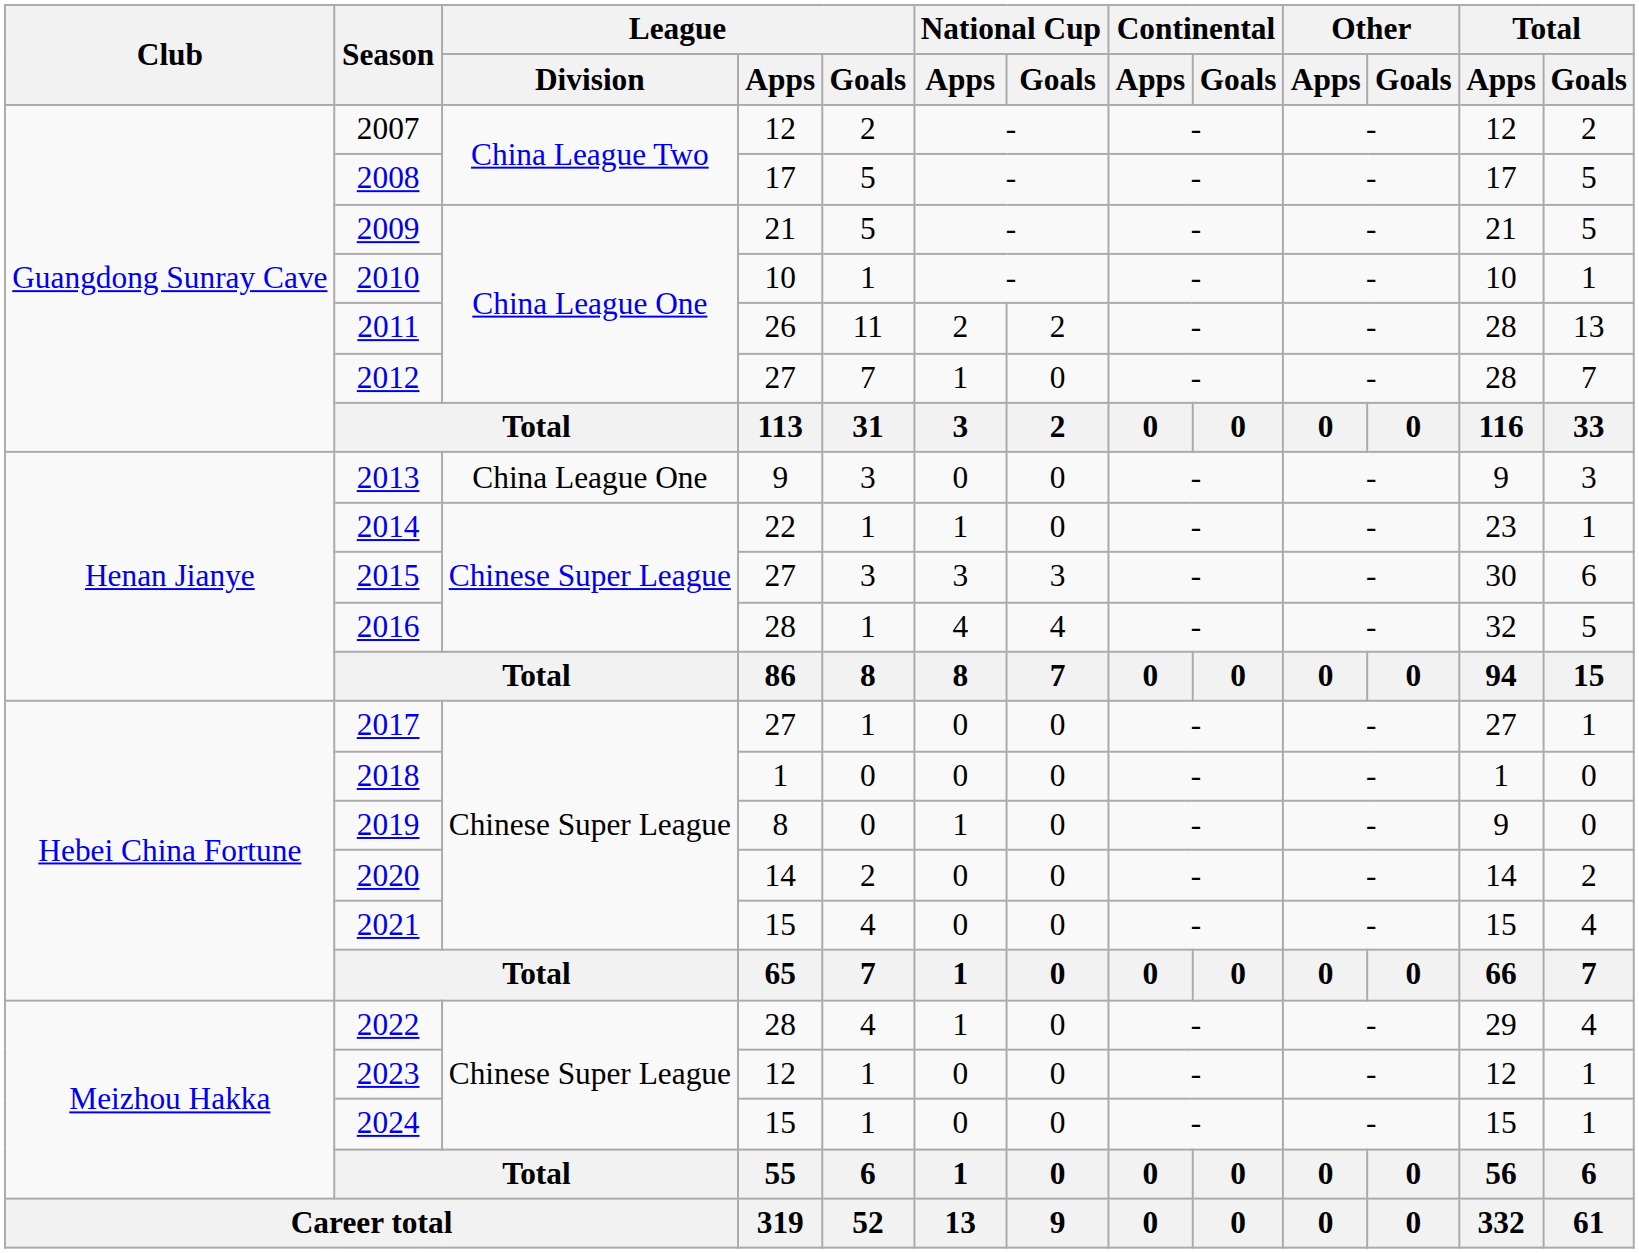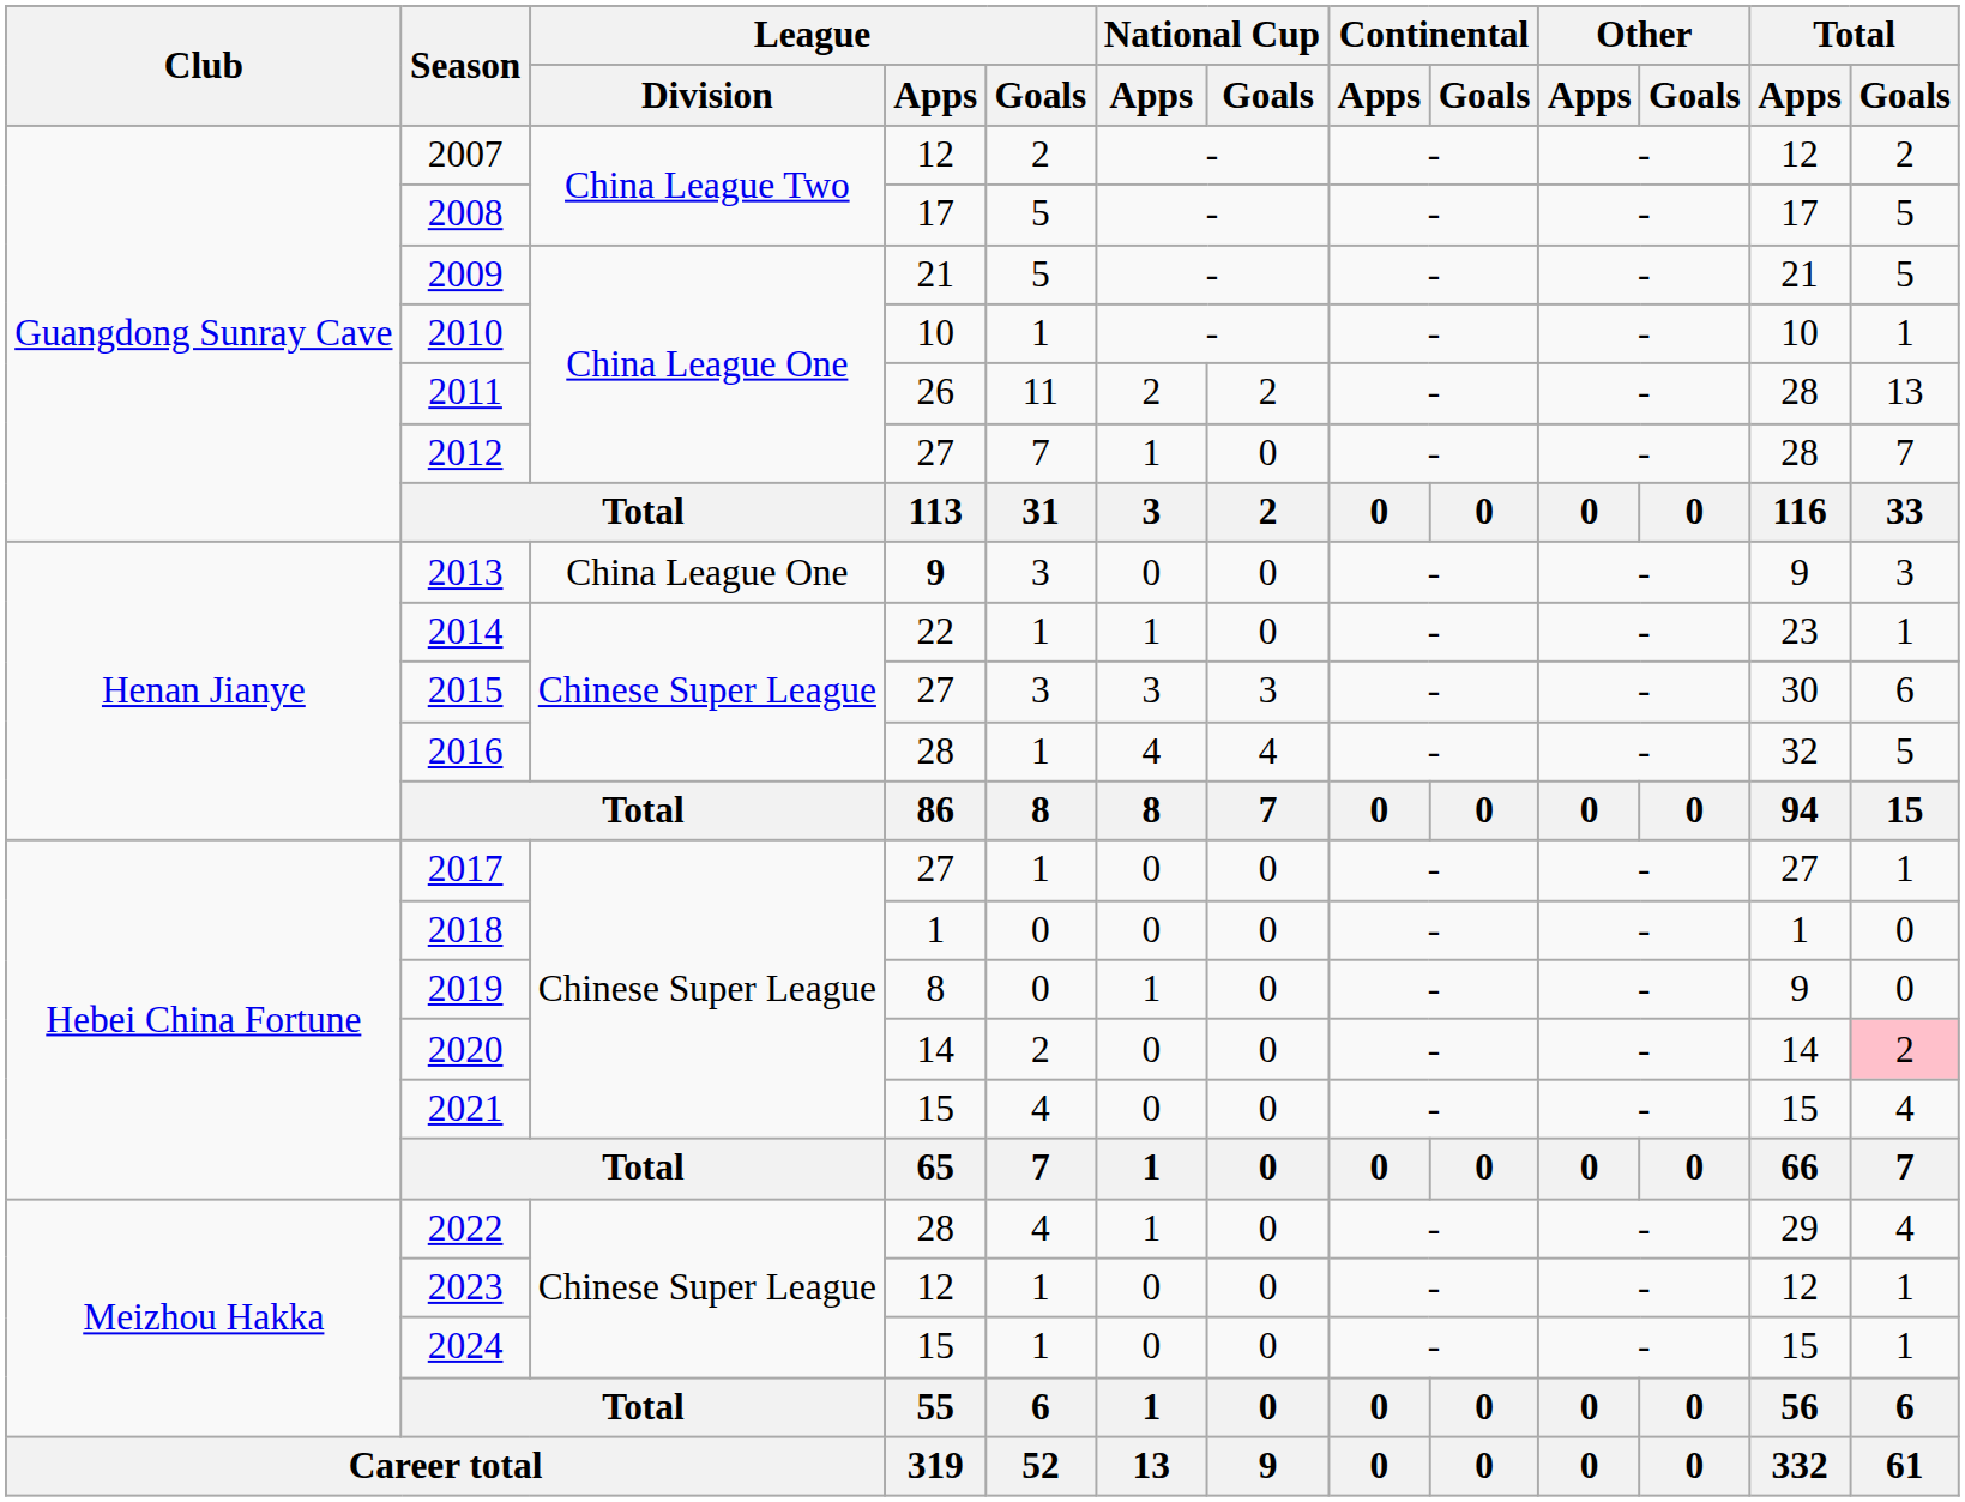 <table class="wikitable" style="text-align: center">
 <tr>
 <th rowspan="2">Club</th>
 <th rowspan="2">Season</th>
 <th colspan="3">League</th>
 <th colspan="2">National Cup</th>
 <th colspan="2">Continental</th>
 <th colspan="2">Other</th>
 <th colspan="2">Total</th>
 </tr>
 <tr>
 <th>Division</th>
 <th>Apps</th>
 <th>Goals</th>
 <th>Apps</th>
 <th>Goals</th>
 <th>Apps</th>
 <th>Goals</th>
 <th>Apps</th>
 <th>Goals</th>
 <th>Apps</th>
 <th>Goals</th>
 </tr>
 <tr>
 <td rowspan="7"><a href='#'>Guangdong Sunray Cave</a></td>
 <td>2007</td>
 <td rowspan="2"><a href='#'>China League Two</a></td>
 <td>12</td>
 <td>2</td>
 <td colspan="2">-</td>
 <td colspan="2">-</td>
 <td colspan="2">-</td>
 <td>12</td>
 <td>2</td>
 </tr>
 <tr>
 <td><a href='#'>2008</a></td>
 <td>17</td>
 <td>5</td>
 <td colspan="2">-</td>
 <td colspan="2">-</td>
 <td colspan="2">-</td>
 <td>17</td>
 <td>5</td>
 </tr>
 <tr>
 <td><a href='#'>2009</a></td>
 <td rowspan="4"><a href='#'>China League One</a></td>
 <td>21</td>
 <td>5</td>
 <td colspan="2">-</td>
 <td colspan="2">-</td>
 <td colspan="2">-</td>
 <td>21</td>
 <td>5</td>
 </tr>
 <tr>
 <td><a href='#'>2010</a></td>
 <td>10</td>
 <td>1</td>
 <td colspan="2">-</td>
 <td colspan="2">-</td>
 <td colspan="2">-</td>
 <td>10</td>
 <td>1</td>
 </tr>
 <tr>
 <td><a href='#'>2011</a></td>
 <td>26</td>
 <td>11</td>
 <td>2</td>
 <td>2</td>
 <td colspan="2">-</td>
 <td colspan="2">-</td>
 <td>28</td>
 <td>13</td>
 </tr>
 <tr>
 <td><a href='#'>2012</a></td>
 <td>27</td>
 <td>7</td>
 <td>1</td>
 <td>0</td>
 <td colspan="2">-</td>
 <td colspan="2">-</td>
 <td>28</td>
 <td>7</td>
 </tr>
 <tr>
 <th colspan="2"><strong>Total</strong></th>
 <th>113</th>
 <th>31</th>
 <th>3</th>
 <th>2</th>
 <th>0</th>
 <th>0</th>
 <th>0</th>
 <th>0</th>
 <th>116</th>
 <th>33</th>
 </tr>
 <tr>
 <td rowspan="5"><a href='#'>Henan Jianye</a></td>
 <td><a href='#'>2013</a></td>
 <td>China League One</td>
-<td>9</td>
+<td><strong>9</strong></td>
 <td>3</td>
 <td>0</td>
 <td>0</td>
 <td colspan="2">-</td>
 <td colspan="2">-</td>
 <td>9</td>
 <td>3</td>
 </tr>
 <tr>
 <td><a href='#'>2014</a></td>
 <td rowspan="3"><a href='#'>Chinese Super League</a></td>
 <td>22</td>
 <td>1</td>
 <td>1</td>
 <td>0</td>
 <td colspan="2">-</td>
 <td colspan="2">-</td>
 <td>23</td>
 <td>1</td>
 </tr>
 <tr>
 <td><a href='#'>2015</a></td>
 <td>27</td>
 <td>3</td>
 <td>3</td>
 <td>3</td>
 <td colspan="2">-</td>
 <td colspan="2">-</td>
 <td>30</td>
 <td>6</td>
 </tr>
 <tr>
 <td><a href='#'>2016</a></td>
 <td>28</td>
 <td>1</td>
 <td>4</td>
 <td>4</td>
 <td colspan="2">-</td>
 <td colspan="2">-</td>
 <td>32</td>
 <td>5</td>
 </tr>
 <tr>
 <th colspan="2"><strong>Total</strong></th>
 <th>86</th>
 <th>8</th>
 <th>8</th>
 <th>7</th>
 <th>0</th>
 <th>0</th>
 <th>0</th>
 <th>0</th>
 <th>94</th>
 <th>15</th>
 </tr>
 <tr>
 <td rowspan="6"><a href='#'>Hebei China Fortune</a></td>
 <td><a href='#'>2017</a></td>
 <td rowspan="5">Chinese Super League</td>
 <td>27</td>
 <td>1</td>
 <td>0</td>
 <td>0</td>
 <td colspan="2">-</td>
 <td colspan="2">-</td>
 <td>27</td>
 <td>1</td>
 </tr>
 <tr>
 <td><a href='#'>2018</a></td>
 <td>1</td>
 <td>0</td>
 <td>0</td>
 <td>0</td>
 <td colspan="2">-</td>
 <td colspan="2">-</td>
 <td>1</td>
 <td>0</td>
 </tr>
 <tr>
 <td><a href='#'>2019</a></td>
 <td>8</td>
 <td>0</td>
 <td>1</td>
 <td>0</td>
 <td colspan="2">-</td>
 <td colspan="2">-</td>
 <td>9</td>
 <td>0</td>
 </tr>
 <tr>
 <td><a href='#'>2020</a></td>
 <td>14</td>
 <td>2</td>
 <td>0</td>
 <td>0</td>
 <td colspan="2">-</td>
 <td colspan="2">-</td>
 <td>14</td>
-<td>2</td>
+<td style="background: pink;">2</td>
 </tr>
 <tr>
 <td><a href='#'>2021</a></td>
 <td>15</td>
 <td>4</td>
 <td>0</td>
 <td>0</td>
 <td colspan="2">-</td>
 <td colspan="2">-</td>
 <td>15</td>
 <td>4</td>
 </tr>
 <tr>
 <th colspan="2"><strong>Total</strong></th>
 <th>65</th>
 <th>7</th>
 <th>1</th>
 <th>0</th>
 <th>0</th>
 <th>0</th>
 <th>0</th>
 <th>0</th>
 <th>66</th>
 <th>7</th>
 </tr>
 <tr>
 <td rowspan="4"><a href='#'>Meizhou Hakka</a></td>
 <td><a href='#'>2022</a></td>
 <td rowspan="3">Chinese Super League</td>
 <td>28</td>
 <td>4</td>
 <td>1</td>
 <td>0</td>
 <td colspan="2">-</td>
 <td colspan="2">-</td>
 <td>29</td>
 <td>4</td>
 </tr>
 <tr>
 <td><a href='#'>2023</a></td>
 <td>12</td>
 <td>1</td>
 <td>0</td>
 <td>0</td>
 <td colspan="2">-</td>
 <td colspan="2">-</td>
 <td>12</td>
 <td>1</td>
 </tr>
 <tr>
 <td><a href='#'>2024</a></td>
 <td>15</td>
 <td>1</td>
 <td>0</td>
 <td>0</td>
 <td colspan="2">-</td>
 <td colspan="2">-</td>
 <td>15</td>
 <td>1</td>
 </tr>
 <tr>
 <th colspan="2"><strong>Total</strong></th>
 <th>55</th>
 <th>6</th>
 <th>1</th>
 <th>0</th>
 <th>0</th>
 <th>0</th>
 <th>0</th>
 <th>0</th>
 <th>56</th>
 <th>6</th>
 </tr>
 <tr>
 <th colspan=3>Career total</th>
 <th>319</th>
 <th>52</th>
 <th>13</th>
 <th>9</th>
 <th>0</th>
 <th>0</th>
 <th>0</th>
 <th>0</th>
 <th>332</th>
 <th>61</th>
 </tr>
 </table>
